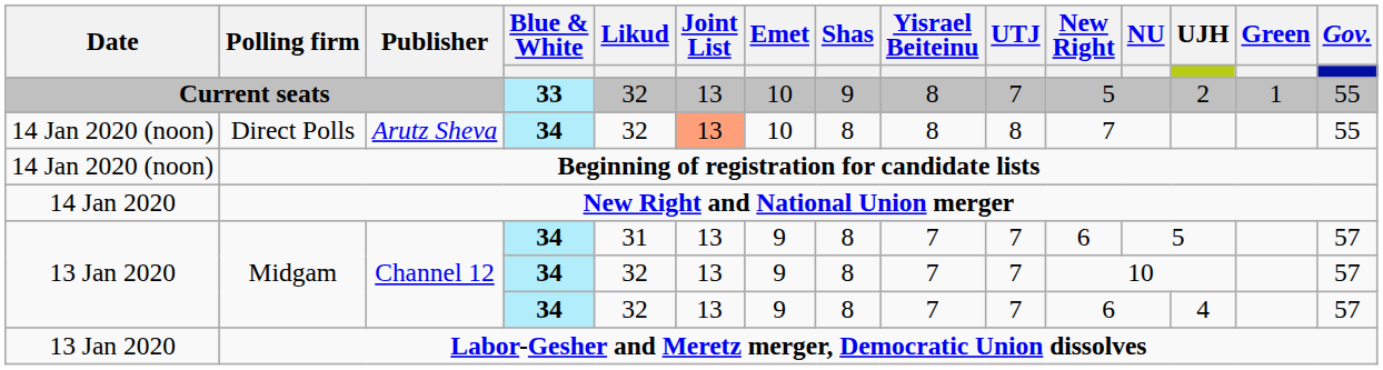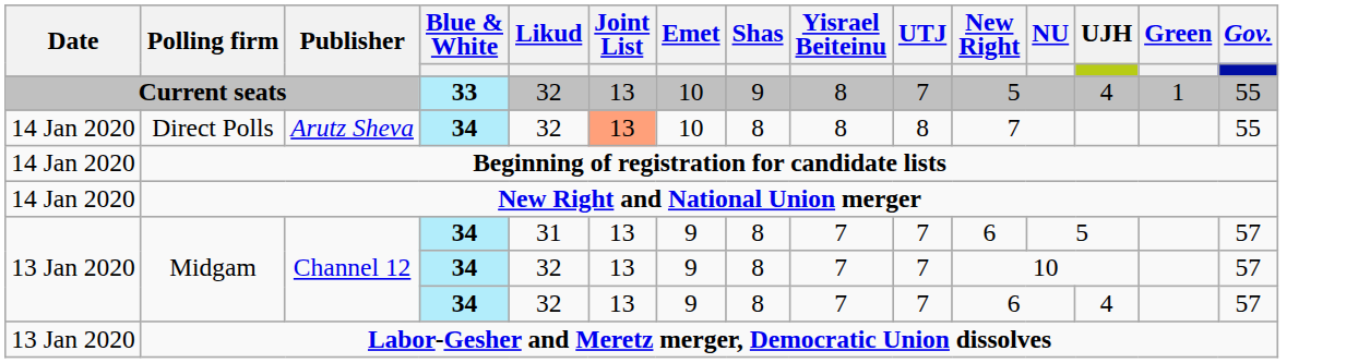 <table class="wikitable sortable" style="text-align:center;font-size:90%;line-height:13px">
 <tr>
 <th rowspan=2>Date</th>
 <th rowspan=2>Polling firm</th>
 <th rowspan=2>Publisher</th>
 <th><a href='#'>Blue &<br>White</a></th>
 <th><a href='#'>Likud</a></th>
 <th><a href='#'>Joint<br>List</a></th>
 <th><a href='#'>Emet</a></th>
 <th><a href='#'>Shas</a></th>
 <th><a href='#'>Yisrael<br>Beiteinu</a></th>
 <th><a href='#'>UTJ</a></th>
 <th><a href='#'>New<br>Right</a></th>
 <th><a href='#'>NU</a></th>
 <th>UJH</th>
 <th><a href='#'>Green</a></th>
 <th><a href='#'><em>Gov.</em></a></th>
 </tr>
 <tr>
 <th style="background:"></th>
 <th style="background:"></th>
 <th style="background:"></th>
 <th style="background:"></th>
 <th style="background:"></th>
 <th style="background:"></th>
 <th style="background:"></th>
 <th style="background:"></th>
 <th style="background:"></th>
 <th style="background:#B7CC15;"></th>
 <th style="background:"></th>
 <th style="background:#000EA3;"></th>
 </tr>
 <tr style="background:silver">
 <td colspan=3><strong>Current seats</strong></td>
 <td style="background:#B2EDFB"><strong>33</strong>	</td>
 <td>32					</td>
 <td>13					</td>
 <td>10					</td>
 <td>9					</td>
 <td>8					</td>
 <td>7					</td>
 <td colspan=2>5				</td>
-<td>2					</td>
+<td>4					</td>
 <td>1					</td>
 <td>55					</td>
 </tr>
 <tr>
-<td data-sort-value="2020-01-14">14 Jan 2020 (noon)</td>
+<td data-sort-value="2020-01-14">14 Jan 2020</td>
 <td>Direct Polls</td>
 <td><em><a href='#'>Arutz Sheva</a></em></td>
 <td style="background:#B2EDFB"><strong>34</strong>	</td>
 <td>32					</td>
 <td style="background: lightsalmon;">13					</td>
 <td>10					</td>
 <td>8					</td>
 <td>8					</td>
 <td>8					</td>
 <td colspan=2>7				</td>
 <td>			</td>
 <td>			</td>
 <td>55					</td>
 </tr>
 <tr>
-<td data-sort-value="2020-01-14">14 Jan 2020 (noon)</td>
+<td data-sort-value="2020-01-14">14 Jan 2020</td>
 <td colspan=14><strong>Beginning of registration for candidate lists</strong></td>
 </tr>
 <tr>
 <td data-sort-value="2020-01-14">14 Jan 2020</td>
 <td colspan=14><strong><a href='#'>New Right</a> and <a href='#'>National Union</a> merger</strong></td>
 </tr>
 <tr>
 <td rowspan=3 data-sort-value="2020-01-13">13 Jan 2020</td>
 <td rowspan=3>Midgam</td>
 <td rowspan=3><a href='#'>Channel 12</a></td>
 <td style="background:#B2EDFB"><strong>34</strong>	</td>
 <td>31					</td>
 <td>13					</td>
 <td>9					</td>
 <td>8					</td>
 <td>7					</td>
 <td>7					</td>
 <td>6					</td>
 <td colspan=2>5				</td>
 <td>			</td>
 <td>57					</td>
 </tr>
 <tr>
 <td style="background:#B2EDFB"><strong>34</strong>	</td>
 <td>32					</td>
 <td>13					</td>
 <td>9					</td>
 <td>8					</td>
 <td>7					</td>
 <td>7					</td>
 <td colspan=3>10				</td>
 <td>			</td>
 <td>57					</td>
 </tr>
 <tr>
 <td style="background:#B2EDFB"><strong>34</strong>	</td>
 <td>32					</td>
 <td>13					</td>
 <td>9					</td>
 <td>8					</td>
 <td>7					</td>
 <td>7					</td>
 <td colspan=2>6				</td>
 <td>4					</td>
 <td>			</td>
 <td>57					</td>
 </tr>
 <tr>
 <td data-sort-value="2020-01-13">13 Jan 2020</td>
 <td colspan=14><strong><a href='#'>Labor</a>-<a href='#'>Gesher</a> and <a href='#'>Meretz</a> merger, <a href='#'>Democratic Union</a> dissolves</strong></td>
 </tr>
 </table>
